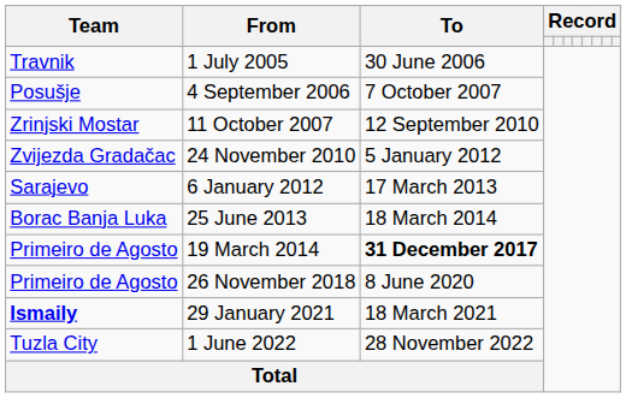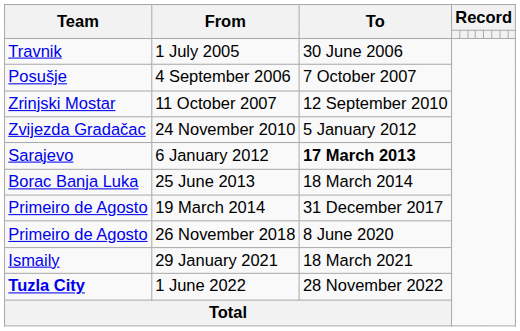 <table class="wikitable" tyle="text-align: center">
 <tr>
 <th rowspan="2">Team</th>
 <th rowspan="2">From</th>
 <th rowspan="2">To</th>
 <th colspan="8">Record</th>
 </tr>
 <tr>
 <th></th>
 <th></th>
 <th></th>
 <th></th>
 <th></th>
 <th></th>
 <th></th>
 <th></th>
 </tr>
 <tr>
 <td align="left"><a href='#'>Travnik</a></td>
 <td align="left">1 July 2005</td>
 <td align="left">30 June 2006<br></td>
 </tr>
 <tr>
 <td align="left"><a href='#'>Posušje</a></td>
 <td align="left">4 September 2006</td>
 <td align="left">7 October 2007<br></td>
 </tr>
 <tr>
 <td align="left"><a href='#'>Zrinjski Mostar</a></td>
 <td align="left">11 October 2007</td>
 <td align="left">12 September 2010<br></td>
 </tr>
 <tr>
 <td align="left"><a href='#'>Zvijezda Gradačac</a></td>
 <td align="left">24 November 2010</td>
 <td align="left">5 January 2012<br></td>
 </tr>
 <tr>
 <td align="left"><a href='#'>Sarajevo</a></td>
 <td align="left">6 January 2012</td>
-<td align="left">17 March 2013<br></td>
+<td align="left"><strong>17 March 2013<br></strong></td>
 </tr>
 <tr>
 <td align="left"><a href='#'>Borac Banja Luka</a></td>
 <td align="left">25 June 2013</td>
 <td align="left">18 March 2014<br></td>
 </tr>
 <tr>
 <td align="left"><a href='#'>Primeiro de Agosto</a></td>
 <td align="left">19 March 2014</td>
-<td align="left"><strong>31 December 2017<br></strong></td>
+<td align="left">31 December 2017<br></td>
 </tr>
 <tr>
 <td align="left"><a href='#'>Primeiro de Agosto</a></td>
 <td align="left">26 November 2018</td>
 <td align="left">8 June 2020<br></td>
 </tr>
 <tr>
-<td align="left"><strong><a href='#'>Ismaily</a></strong></td>
+<td align="left"><a href='#'>Ismaily</a></td>
 <td align="left">29 January 2021</td>
 <td align="left">18 March 2021<br></td>
 </tr>
 <tr>
-<td align="left"><a href='#'>Tuzla City</a></td>
+<td align="left"><strong><a href='#'>Tuzla City</a></strong></td>
 <td align="left">1 June 2022</td>
 <td align="left">28 November 2022<br></td>
 </tr>
 <tr>
 <th colspan="3">Total<br></th>
 </tr>
 </table>
